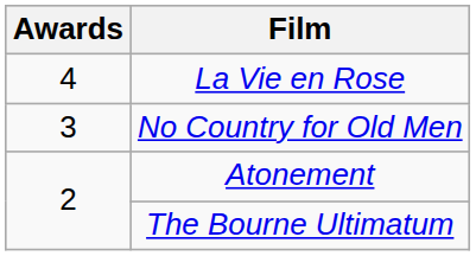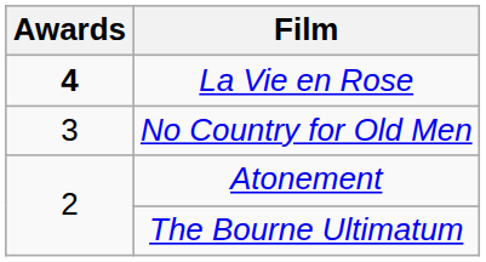 <table class="wikitable" style="text-align:center;">
 <tr>
 <th style="background:">Awards</th>
 <th style="background:">Film</th>
 </tr>
 <tr>
-<td>4</td>
+<td><strong>4</strong></td>
 <td><em><a href='#'>La Vie en Rose</a></em></td>
 </tr>
 <tr>
 <td>3</td>
 <td><em><a href='#'>No Country for Old Men</a></em></td>
 </tr>
 <tr>
 <td rowspan="2">2</td>
 <td><em><a href='#'>Atonement</a></em></td>
 </tr>
 <tr>
 <td><em><a href='#'>The Bourne Ultimatum</a></em></td>
 </tr>
 </table>
